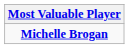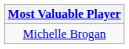 <table class=wikitable style="text-align:center; margin:auto">
 <tr>
 <th><a href='#'>Most Valuable Player</a></th>
 </tr>
 <tr>
-<td><strong> <a href='#'>Michelle Brogan</a></strong></td>
+<td> <a href='#'>Michelle Brogan</a></td>
 </tr>
 </table>
